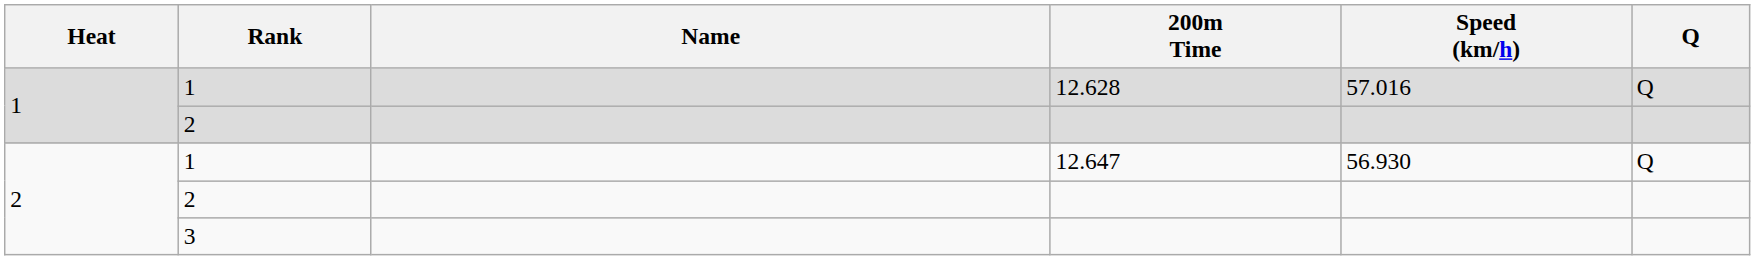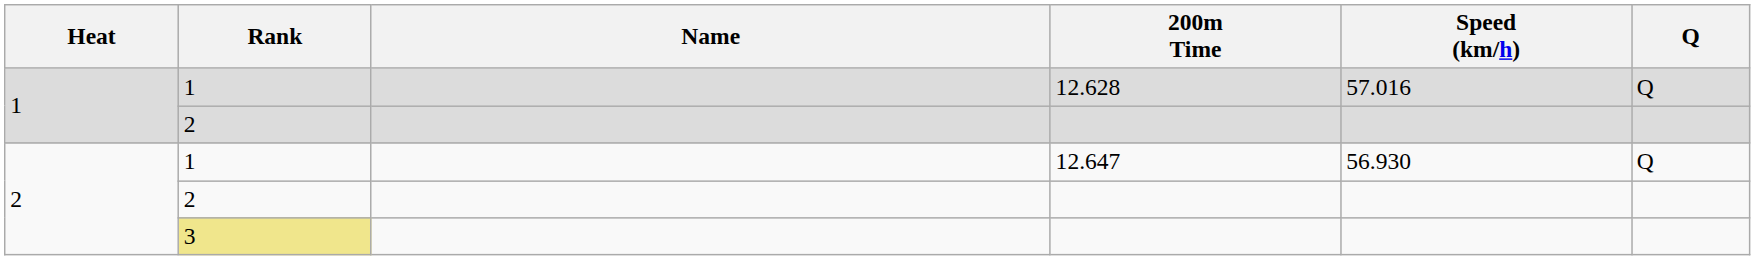 <table class="wikitable" width=75%>
 <tr>
 <th width=20>Heat</th>
 <th width=20>Rank</th>
 <th width=150>Name</th>
 <th width=60>200m<br>Time</th>
 <th width=60>Speed<br>(km/<a href='#'>h</a>)</th>
 <th width=20>Q</th>
 </tr>
 <tr bgcolor=dcdcdc>
 <td rowspan=2>1</td>
 <td>1</td>
 <td></td>
 <td>12.628</td>
 <td>57.016</td>
 <td>Q</td>
 </tr>
 <tr bgcolor=dcdcdc>
 <td>2</td>
 <td></td>
 <td></td>
 <td></td>
 <td></td>
 </tr>
 <tr>
 <td rowspan=3>2</td>
 <td>1</td>
 <td></td>
 <td>12.647</td>
 <td>56.930</td>
 <td>Q</td>
 </tr>
 <tr>
 <td>2</td>
 <td></td>
 <td></td>
 <td></td>
 <td></td>
 </tr>
 <tr>
-<td>3</td>
+<td style="background: khaki;">3</td>
 <td></td>
 <td></td>
 <td></td>
 <td></td>
 </tr>
 </table>
